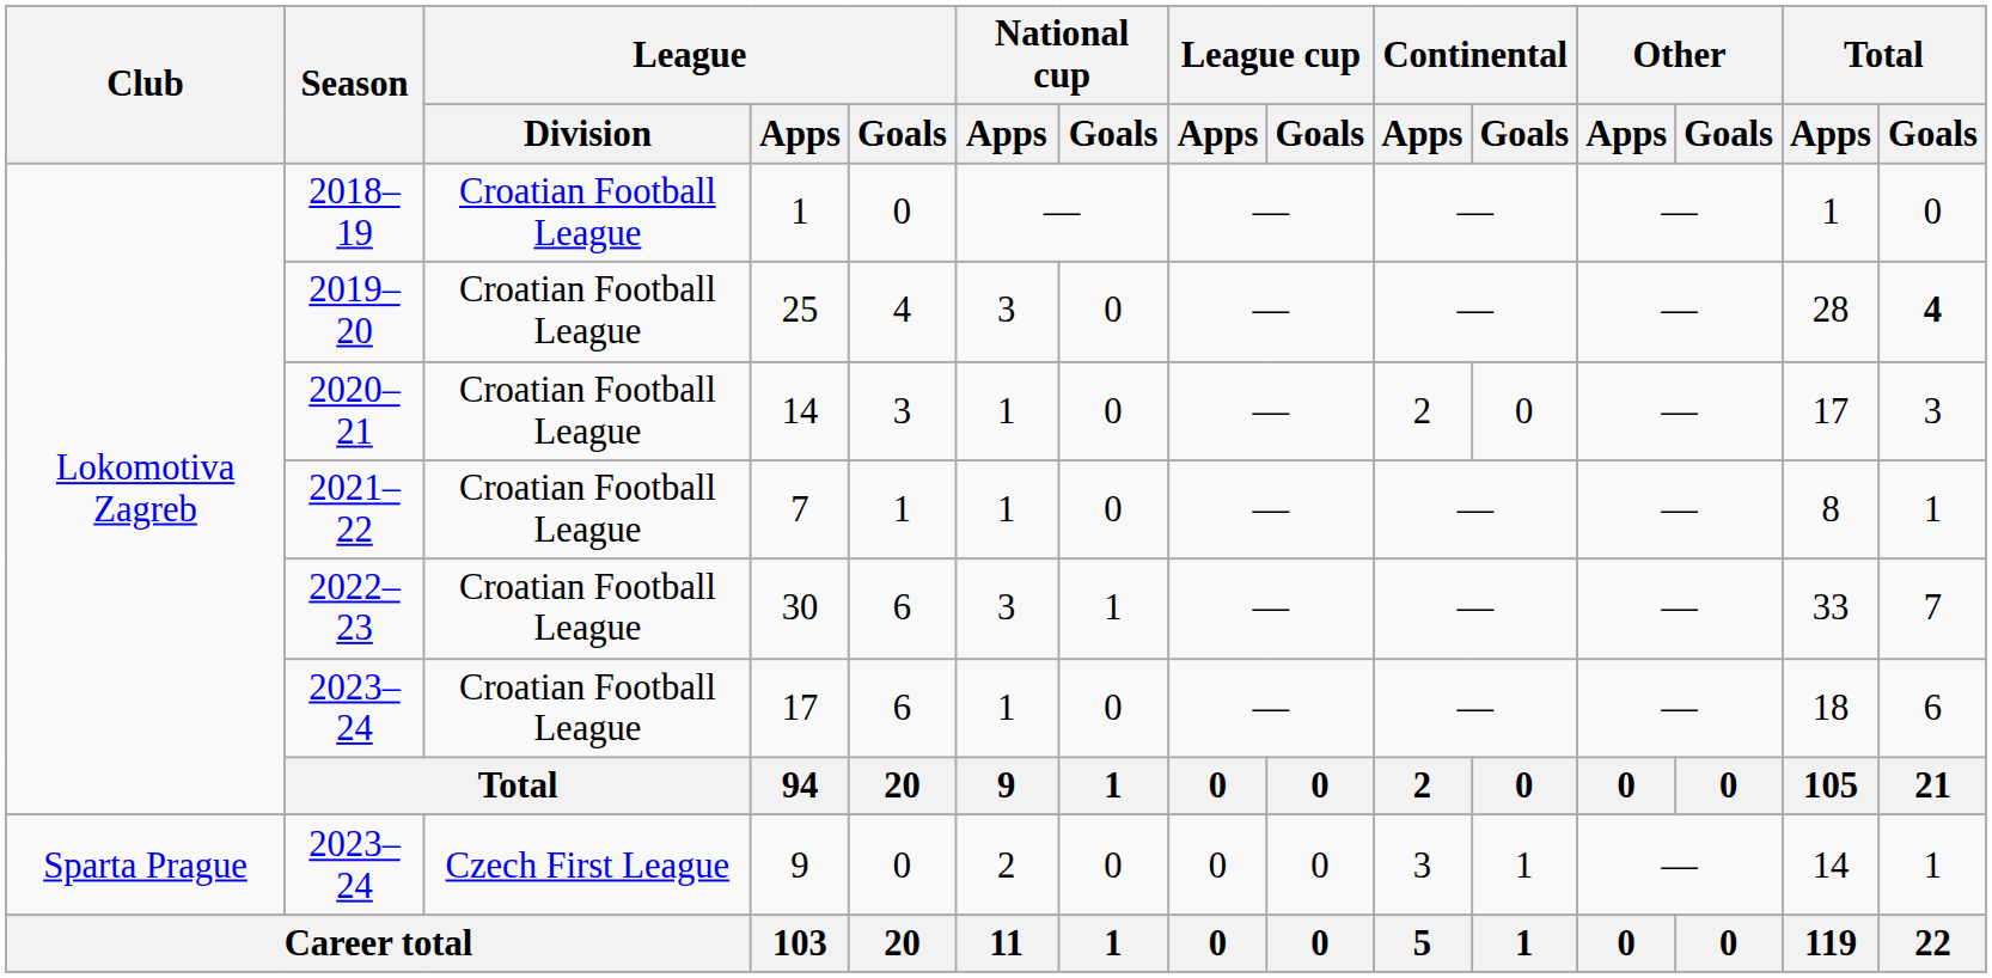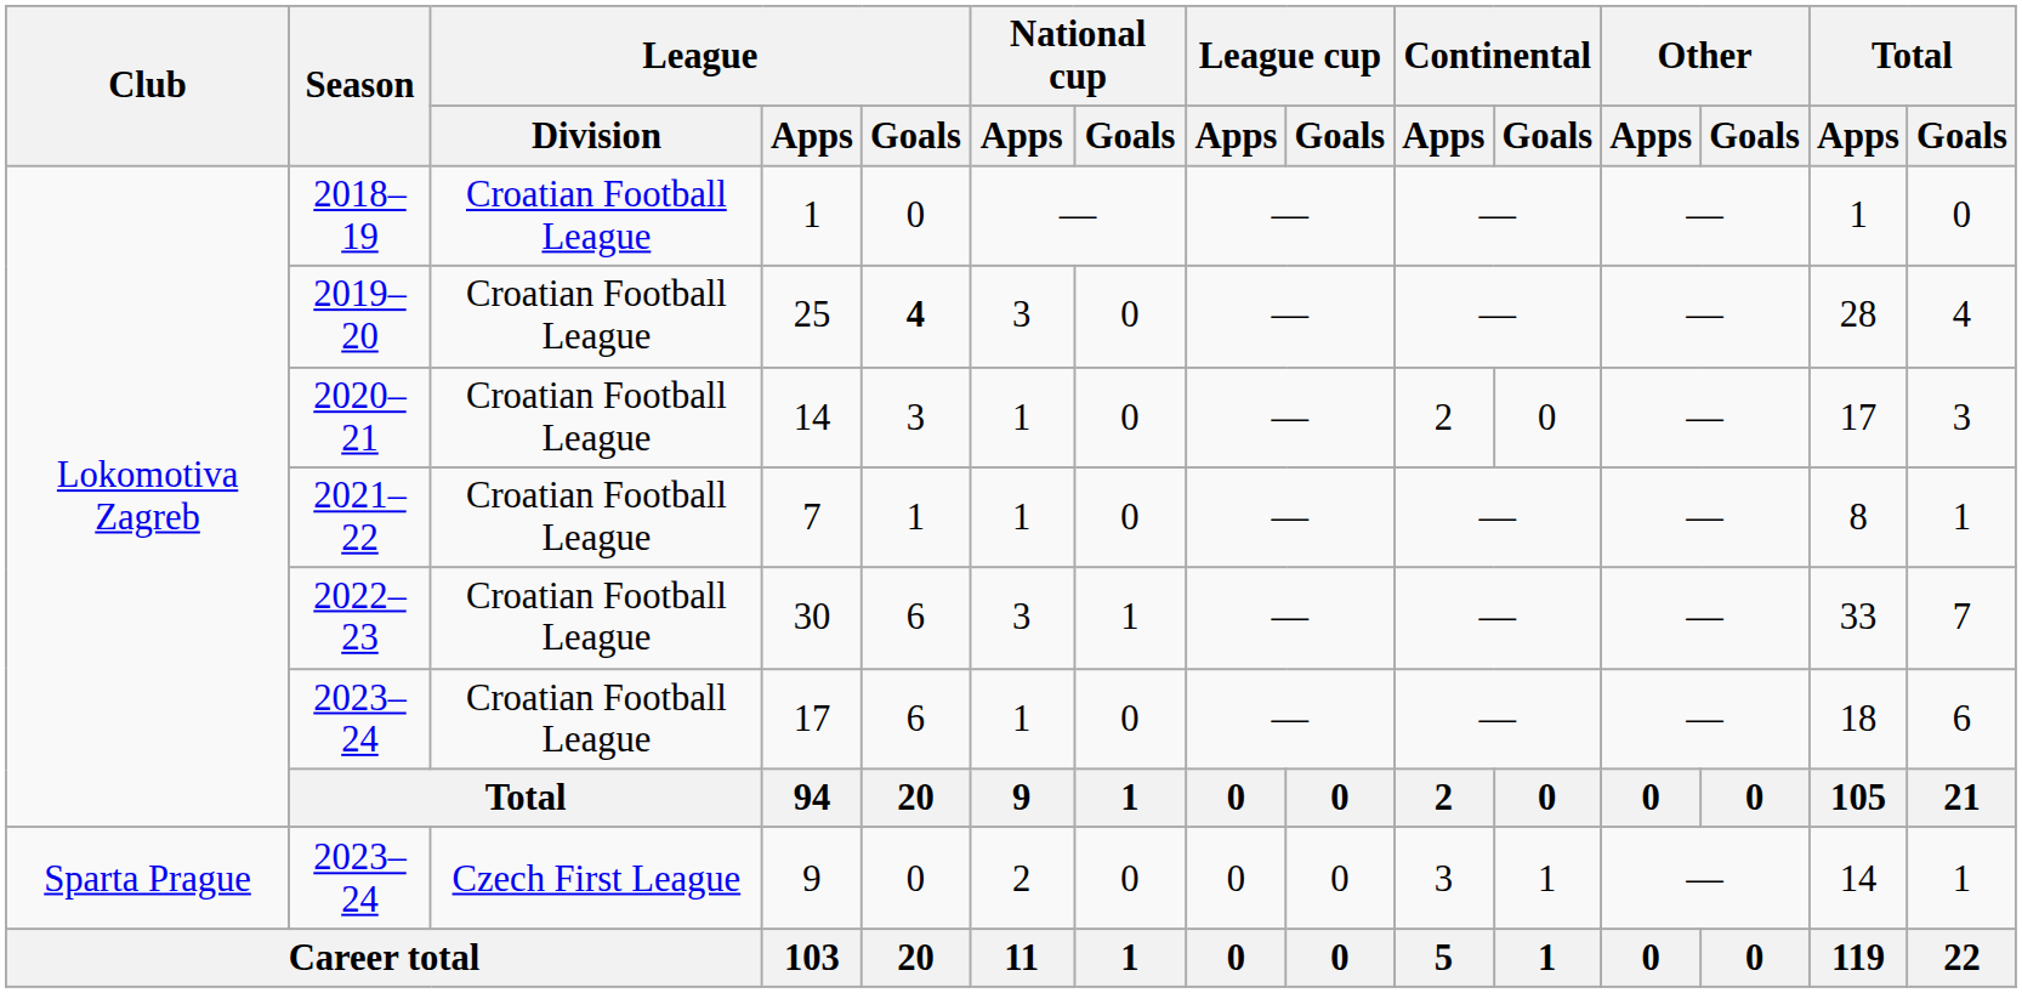 <table class=wikitable style="text-align: center;">
 <tr>
 <th rowspan="2">Club</th>
 <th rowspan="2">Season</th>
 <th colspan="3">League</th>
 <th colspan="2">National cup</th>
 <th colspan="2">League cup</th>
 <th colspan="2">Continental</th>
 <th colspan="2">Other</th>
 <th colspan="2">Total</th>
 </tr>
 <tr>
 <th>Division</th>
 <th>Apps</th>
 <th>Goals</th>
 <th>Apps</th>
 <th>Goals</th>
 <th>Apps</th>
 <th>Goals</th>
 <th>Apps</th>
 <th>Goals</th>
 <th>Apps</th>
 <th>Goals</th>
 <th>Apps</th>
 <th>Goals</th>
 </tr>
 <tr>
 <td rowspan="7"><a href='#'>Lokomotiva Zagreb</a></td>
 <td><a href='#'>2018–19</a></td>
 <td><a href='#'>Croatian Football League</a></td>
 <td>1</td>
 <td>0</td>
 <td colspan="2">—</td>
 <td colspan="2">—</td>
 <td colspan="2">—</td>
 <td colspan="2">—</td>
 <td>1</td>
 <td>0</td>
 </tr>
 <tr>
 <td><a href='#'>2019–20</a></td>
 <td>Croatian Football League</td>
 <td>25</td>
-<td>4</td>
+<td><strong>4</strong></td>
 <td>3</td>
 <td>0</td>
 <td colspan="2">—</td>
 <td colspan="2">—</td>
 <td colspan="2">—</td>
 <td>28</td>
-<td><strong>4</strong></td>
+<td>4</td>
 </tr>
 <tr>
 <td><a href='#'>2020–21</a></td>
 <td>Croatian Football League</td>
 <td>14</td>
 <td>3</td>
 <td>1</td>
 <td>0</td>
 <td colspan="2">—</td>
 <td>2</td>
 <td>0</td>
 <td colspan="2">—</td>
 <td>17</td>
 <td>3</td>
 </tr>
 <tr>
 <td><a href='#'>2021–22</a></td>
 <td>Croatian Football League</td>
 <td>7</td>
 <td>1</td>
 <td>1</td>
 <td>0</td>
 <td colspan="2">—</td>
 <td colspan="2">—</td>
 <td colspan="2">—</td>
 <td>8</td>
 <td>1</td>
 </tr>
 <tr>
 <td><a href='#'>2022–23</a></td>
 <td>Croatian Football League</td>
 <td>30</td>
 <td>6</td>
 <td>3</td>
 <td>1</td>
 <td colspan="2">—</td>
 <td colspan="2">—</td>
 <td colspan="2">—</td>
 <td>33</td>
 <td>7</td>
 </tr>
 <tr>
 <td><a href='#'>2023–24</a></td>
 <td>Croatian Football League</td>
 <td>17</td>
 <td>6</td>
 <td>1</td>
 <td>0</td>
 <td colspan="2">—</td>
 <td colspan="2">—</td>
 <td colspan="2">—</td>
 <td>18</td>
 <td>6</td>
 </tr>
 <tr>
 <th colspan="2">Total</th>
 <th>94</th>
 <th>20</th>
 <th>9</th>
 <th>1</th>
 <th>0</th>
 <th>0</th>
 <th>2</th>
 <th>0</th>
 <th>0</th>
 <th>0</th>
 <th>105</th>
 <th>21</th>
 </tr>
 <tr>
 <td><a href='#'>Sparta Prague</a></td>
 <td><a href='#'>2023–24</a></td>
 <td><a href='#'>Czech First League</a></td>
 <td>9</td>
 <td>0</td>
 <td>2</td>
 <td>0</td>
 <td>0</td>
 <td>0</td>
 <td>3</td>
 <td>1</td>
 <td colspan="2">—</td>
 <td>14</td>
 <td>1</td>
 </tr>
 <tr>
 <th colspan="3">Career total</th>
 <th>103</th>
 <th>20</th>
 <th>11</th>
 <th>1</th>
 <th>0</th>
 <th>0</th>
 <th>5</th>
 <th>1</th>
 <th>0</th>
 <th>0</th>
 <th>119</th>
 <th>22</th>
 </tr>
 </table>
